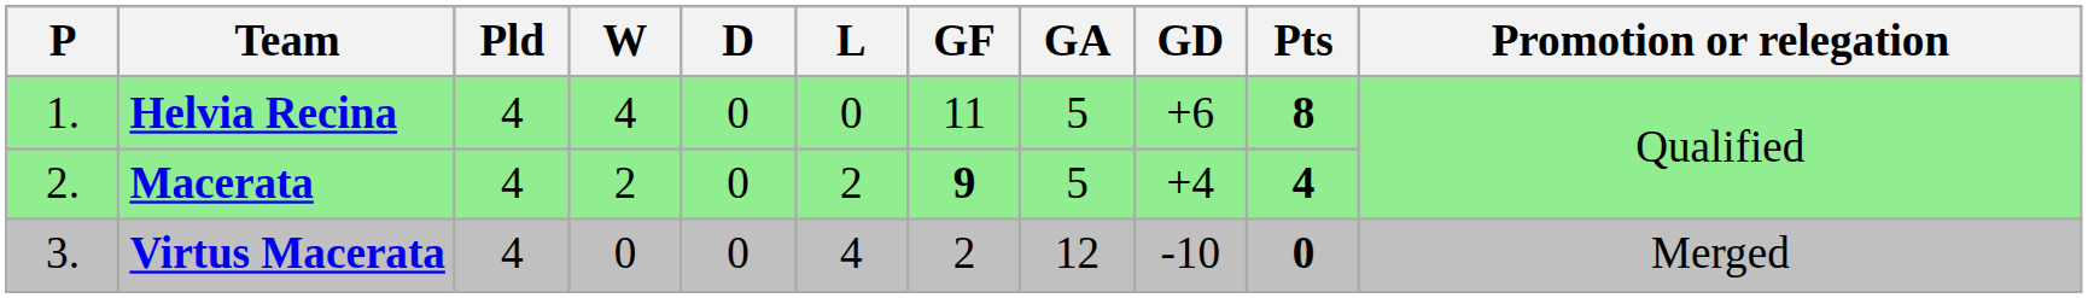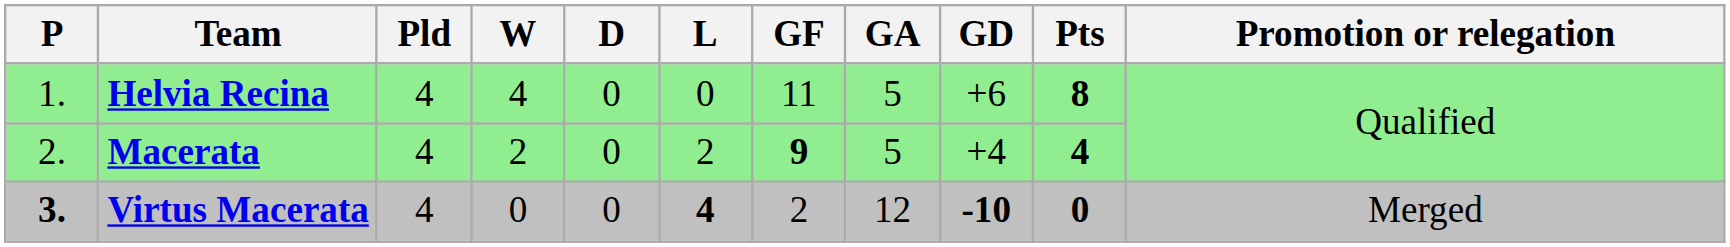 <table class="wikitable sortable" style="text-align: center;">
 <tr>
 <th width=33>P<br></th>
 <th>Team<br></th>
 <th width=33>Pld<br></th>
 <th width=33>W<br></th>
 <th width=33>D<br></th>
 <th width=33>L<br></th>
 <th width=33>GF<br></th>
 <th width=33>GA<br></th>
 <th width=33>GD<br></th>
 <th width=33>Pts<br></th>
 <th class="unsortable" width=250>Promotion or relegation<br></th>
 </tr>
 <tr style="background: #90EE90;">
 <td>1.</td>
 <td align="left"><strong><a href='#'>Helvia Recina</a></strong></td>
 <td>4</td>
 <td>4</td>
 <td>0</td>
 <td>0</td>
 <td>11</td>
 <td>5</td>
 <td>+6</td>
 <td><strong>8</strong></td>
 <td rowspan="2">Qualified</td>
 </tr>
 <tr style="background: #90EE90;">
 <td>2.</td>
 <td align="left"><strong><a href='#'>Macerata</a></strong></td>
 <td>4</td>
 <td>2</td>
 <td>0</td>
 <td>2</td>
 <td><strong>9</strong></td>
 <td>5</td>
 <td>+4</td>
 <td><strong>4</strong></td>
 </tr>
 <tr style="background: silver">
-<td>3.</td>
+<td><strong>3.</strong></td>
 <td align="left"><strong><a href='#'>Virtus Macerata</a></strong></td>
 <td>4</td>
 <td>0</td>
 <td>0</td>
-<td>4</td>
+<td><strong>4</strong></td>
 <td>2</td>
 <td>12</td>
-<td>-10</td>
+<td><strong>-10</strong></td>
 <td><strong>0</strong></td>
 <td>Merged</td>
 </tr>
 </table>
